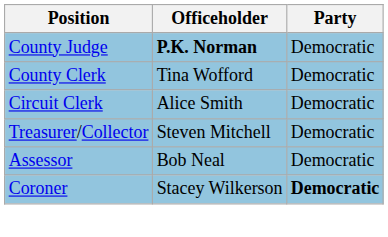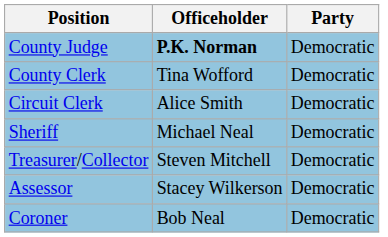 <table class="wikitable mw-collapsible">
 <tr>
 <th>Position</th>
 <th>Officeholder</th>
 <th>Party</th>
 </tr>
 <tr style="background-color: #92C5DE;">
 <td><a href='#'>County Judge</a></td>
 <td><strong>P.K. Norman</strong></td>
 <td>Democratic</td>
 </tr>
 <tr style="background-color: #92C5DE;">
 <td><a href='#'>County Clerk</a></td>
 <td>Tina Wofford</td>
 <td>Democratic</td>
 </tr>
 <tr style="background-color: #92C5DE;">
 <td><a href='#'>Circuit Clerk</a></td>
 <td>Alice Smith</td>
 <td>Democratic</td>
 </tr>
 <tr style="background-color: #92C5DE;">
+<td><a href='#'>Sheriff</a></td>
+<td>Michael Neal</td>
+<td>Democratic</td>
+</tr>
+<tr style="background-color: #92C5DE;">
 <td><a href='#'>Treasurer</a>/<a href='#'>Collector</a></td>
 <td>Steven Mitchell</td>
 <td>Democratic</td>
 </tr>
 <tr style="background-color: #92C5DE;">
 <td><a href='#'>Assessor</a></td>
-<td>Bob Neal</td>
+<td>Stacey Wilkerson</td>
 <td>Democratic</td>
 </tr>
 <tr style="background-color: #92C5DE;">
 <td><a href='#'>Coroner</a></td>
-<td>Stacey Wilkerson</td>
-<td><strong>Democratic</strong></td>
+<td>Bob Neal</td>
+<td>Democratic</td>
 </tr>
 </table>
